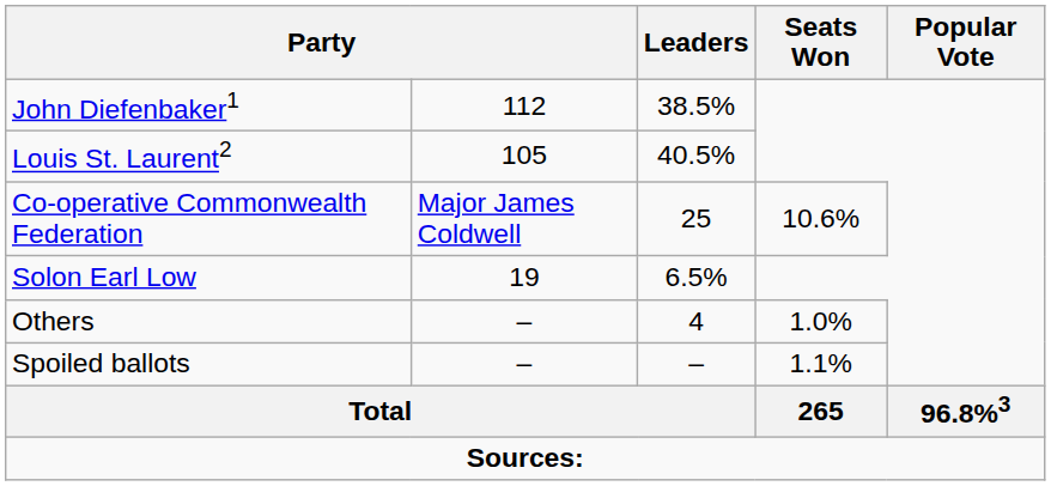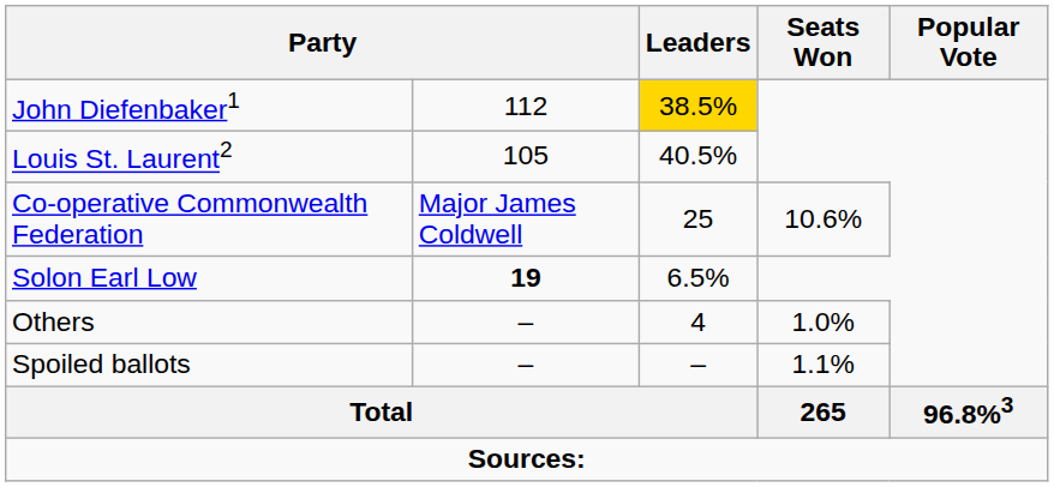 <table class="wikitable">
 <tr>
 <th colspan="2">Party</th>
 <th>Leaders</th>
 <th>Seats Won</th>
 <th>Popular Vote</th>
 </tr>
 <tr>
 <td><a href='#'>John Diefenbaker</a><sup>1</sup></td>
 <td align=center>112</td>
-<td align=center>38.5%</td>
+<td align=center style="background: gold;">38.5%</td>
 </tr>
 <tr>
 <td><a href='#'>Louis St. Laurent</a><sup>2</sup></td>
 <td align=center>105</td>
 <td align=center>40.5%</td>
 </tr>
 <tr>
 <td><a href='#'>Co-operative Commonwealth Federation</a></td>
 <td><a href='#'>Major James Coldwell</a></td>
 <td align=center>25</td>
 <td align=center>10.6%</td>
 </tr>
 <tr>
 <td><a href='#'>Solon Earl Low</a></td>
-<td align=center>19</td>
+<td align=center><strong>19</strong></td>
 <td align=center>6.5%</td>
 </tr>
 <tr>
 <td>Others</td>
 <td align=center>–</td>
 <td align=center>4</td>
 <td align=center>1.0%</td>
 </tr>
 <tr>
 <td>Spoiled ballots</td>
 <td align=center>–</td>
 <td align=center>–</td>
 <td align=center>1.1%</td>
 </tr>
 <tr>
 <th colspan=3 align=left>Total</th>
 <th align=center>265</th>
 <th align=center>96.8%<sup>3</sup></th>
 </tr>
 <tr>
 <td align="center" colspan=5><strong>Sources:</strong> </td>
 </tr>
 </table>
